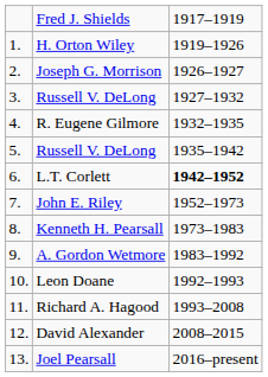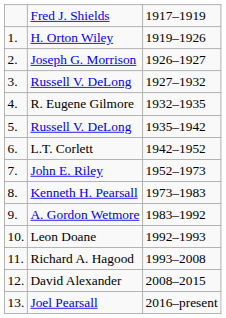 <table class=wikitable align="left" style="margin-right:1.6em; font-size:95%;">
 <tr>
 <td></td>
 <td><a href='#'>Fred J. Shields</a></td>
 <td>1917–1919</td>
 </tr>
 <tr>
 <td>1.</td>
 <td><a href='#'>H. Orton Wiley</a></td>
 <td>1919–1926</td>
 </tr>
 <tr>
 <td>2.</td>
 <td><a href='#'>Joseph G. Morrison</a></td>
 <td>1926–1927</td>
 </tr>
 <tr>
 <td>3.</td>
 <td><a href='#'>Russell V. DeLong</a></td>
 <td>1927–1932</td>
 </tr>
 <tr>
 <td>4.</td>
 <td>R. Eugene Gilmore</td>
 <td>1932–1935</td>
 </tr>
 <tr>
 <td>5.</td>
 <td><a href='#'>Russell V. DeLong</a></td>
 <td>1935–1942</td>
 </tr>
 <tr>
 <td>6.</td>
 <td>L.T. Corlett</td>
-<td><strong>1942–1952</strong></td>
+<td>1942–1952</td>
 </tr>
 <tr>
 <td>7.</td>
 <td><a href='#'>John E. Riley</a></td>
 <td>1952–1973</td>
 </tr>
 <tr>
 <td>8.</td>
 <td><a href='#'>Kenneth H. Pearsall</a></td>
 <td>1973–1983</td>
 </tr>
 <tr>
 <td>9.</td>
 <td><a href='#'>A. Gordon Wetmore</a></td>
 <td>1983–1992</td>
 </tr>
 <tr>
 <td>10.</td>
 <td>Leon Doane</td>
 <td>1992–1993</td>
 </tr>
 <tr>
 <td>11.</td>
 <td>Richard A. Hagood</td>
 <td>1993–2008</td>
 </tr>
 <tr>
 <td>12.</td>
 <td>David Alexander</td>
 <td>2008–2015</td>
 </tr>
 <tr>
 <td>13.</td>
 <td><a href='#'>Joel Pearsall</a></td>
 <td>2016–present</td>
 </tr>
 </table>
